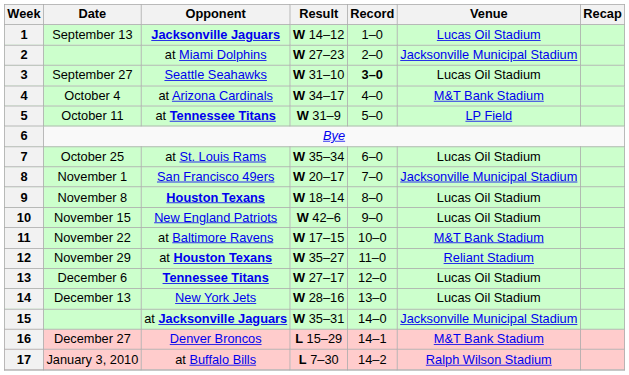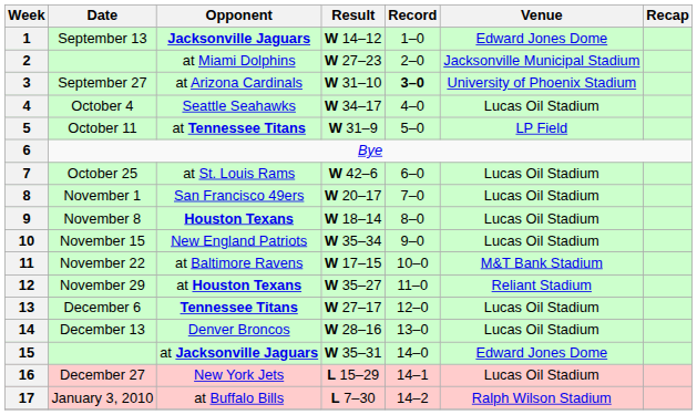 <table class="wikitable" style="text-align:center">
 <tr>
 <th>Week</th>
 <th>Date</th>
 <th>Opponent</th>
 <th>Result</th>
 <th>Record</th>
 <th>Venue</th>
 <th>Recap</th>
 </tr>
 <tr style="background:#cfc;">
 <th style="text-align:center;">1</th>
 <td style="text-align:center;">September 13</td>
 <td style="text-align:center;"><strong><a href='#'>Jacksonville Jaguars</a></strong></td>
 <td style="text-align:center;"><strong>W</strong> 14–12</td>
 <td style="text-align:center;">1–0</td>
-<td style="text-align:center;"><a href='#'>Lucas Oil Stadium</a></td>
+<td style="text-align:center;"><a href='#'>Edward Jones Dome</a></td>
 <td style="text-align:center;"></td>
 </tr>
 <tr style="background:#cfc;">
 <th style="text-align:center;">2</th>
 <td style="text-align:center;"></td>
 <td style="text-align:center;">at <a href='#'>Miami Dolphins</a></td>
 <td style="text-align:center;"><strong>W</strong> 27–23</td>
 <td style="text-align:center;">2–0</td>
 <td style="text-align:center;"><a href='#'>Jacksonville Municipal Stadium</a></td>
 <td style="text-align:center;"></td>
 </tr>
 <tr style="background:#cfc;">
 <th style="text-align:center;">3</th>
 <td style="text-align:center;">September 27</td>
-<td style="text-align:center;"><a href='#'>Seattle Seahawks</a></td>
+<td style="text-align:center;">at <a href='#'>Arizona Cardinals</a></td>
 <td style="text-align:center;"><strong>W</strong> 31–10</td>
 <td style="text-align:center;"><strong>3–0</strong></td>
-<td style="text-align:center;">Lucas Oil Stadium</td>
+<td style="text-align:center;"><a href='#'>University of Phoenix Stadium</a></td>
 <td style="text-align:center;"></td>
 </tr>
 <tr style="background:#cfc;">
 <th style="text-align:center;">4</th>
 <td style="text-align:center;">October 4</td>
-<td style="text-align:center;">at <a href='#'>Arizona Cardinals</a></td>
+<td style="text-align:center;"><a href='#'>Seattle Seahawks</a></td>
 <td style="text-align:center;"><strong>W</strong> 34–17</td>
 <td style="text-align:center;">4–0</td>
-<td style="text-align:center;"><a href='#'>M&T Bank Stadium</a></td>
+<td style="text-align:center;">Lucas Oil Stadium</td>
 <td style="text-align:center;"></td>
 </tr>
 <tr style="background:#cfc;">
 <th style="text-align:center;">5</th>
 <td style="text-align:center;">October 11</td>
 <td style="text-align:center;">at <strong><a href='#'>Tennessee Titans</a></strong></td>
 <td style="text-align:center;"><strong>W</strong> 31–9</td>
 <td style="text-align:center;">5–0</td>
 <td style="text-align:center;"><a href='#'>LP Field</a></td>
 <td style="text-align:center;"></td>
 </tr>
 <tr>
 <th style="text-align:center;">6</th>
 <td colspan="9" style="text-align:center;"><em><a href='#'>Bye</a></em></td>
 </tr>
 <tr style="background:#cfc;">
 <th style="text-align:center;">7</th>
 <td style="text-align:center;">October 25</td>
 <td style="text-align:center;">at <a href='#'>St. Louis Rams</a></td>
-<td style="text-align:center;"><strong>W</strong> 35–34</td>
+<td style="text-align:center;"><strong>W</strong> 42–6</td>
 <td style="text-align:center;">6–0</td>
 <td style="text-align:center;">Lucas Oil Stadium</td>
 <td style="text-align:center;"></td>
 </tr>
 <tr style="background:#cfc;">
 <th style="text-align:center;">8</th>
 <td style="text-align:center;">November 1</td>
 <td style="text-align:center;"><a href='#'>San Francisco 49ers</a></td>
 <td style="text-align:center;"><strong>W</strong> 20–17</td>
 <td style="text-align:center;">7–0</td>
-<td style="text-align:center;"><a href='#'>Jacksonville Municipal Stadium</a></td>
+<td style="text-align:center;">Lucas Oil Stadium</td>
 <td style="text-align:center;"></td>
 </tr>
 <tr style="background:#cfc;">
 <th style="text-align:center;">9</th>
 <td style="text-align:center;">November 8</td>
 <td style="text-align:center;"><strong><a href='#'>Houston Texans</a></strong></td>
 <td style="text-align:center;"><strong>W</strong> 18–14</td>
 <td style="text-align:center;">8–0</td>
 <td style="text-align:center;">Lucas Oil Stadium</td>
 <td style="text-align:center;"></td>
 </tr>
 <tr style="background:#cfc;">
 <th style="text-align:center;">10</th>
 <td style="text-align:center;">November 15</td>
 <td style="text-align:center;"><a href='#'>New England Patriots</a></td>
-<td style="text-align:center;"><strong>W</strong> 42–6</td>
+<td style="text-align:center;"><strong>W</strong> 35–34</td>
 <td style="text-align:center;">9–0</td>
 <td style="text-align:center;">Lucas Oil Stadium</td>
 <td style="text-align:center;"></td>
 </tr>
 <tr style="background:#cfc;">
 <th style="text-align:center;">11</th>
 <td style="text-align:center;">November 22</td>
 <td style="text-align:center;">at <a href='#'>Baltimore Ravens</a></td>
 <td style="text-align:center;"><strong>W</strong> 17–15</td>
 <td style="text-align:center;">10–0</td>
 <td style="text-align:center;"><a href='#'>M&T Bank Stadium</a></td>
 <td style="text-align:center;"></td>
 </tr>
 <tr style="background:#cfc;">
 <th style="text-align:center;">12</th>
 <td style="text-align:center;">November 29</td>
 <td style="text-align:center;">at <strong><a href='#'>Houston Texans</a></strong></td>
 <td style="text-align:center;"><strong>W</strong> 35–27</td>
 <td style="text-align:center;">11–0</td>
 <td style="text-align:center;"><a href='#'>Reliant Stadium</a></td>
 <td style="text-align:center;"></td>
 </tr>
 <tr style="background:#cfc;">
 <th style="text-align:center;">13</th>
 <td style="text-align:center;">December 6</td>
 <td style="text-align:center;"><strong><a href='#'>Tennessee Titans</a></strong></td>
 <td style="text-align:center;"><strong>W</strong> 27–17</td>
 <td style="text-align:center;">12–0</td>
 <td style="text-align:center;">Lucas Oil Stadium</td>
 <td style="text-align:center;"></td>
 </tr>
 <tr style="background:#cfc;">
 <th style="text-align:center;">14</th>
 <td style="text-align:center;">December 13</td>
-<td style="text-align:center;"><a href='#'>New York Jets</a></td>
+<td style="text-align:center;"><a href='#'>Denver Broncos</a></td>
 <td style="text-align:center;"><strong>W</strong> 28–16</td>
 <td style="text-align:center;">13–0</td>
 <td style="text-align:center;">Lucas Oil Stadium</td>
 <td style="text-align:center;"></td>
 </tr>
 <tr style="background:#cfc;">
 <th style="text-align:center;">15</th>
 <td style="text-align:center;"></td>
 <td style="text-align:center;">at <strong><a href='#'>Jacksonville Jaguars</a></strong></td>
 <td style="text-align:center;"><strong>W</strong> 35–31</td>
 <td style="text-align:center;">14–0</td>
-<td style="text-align:center;"><a href='#'>Jacksonville Municipal Stadium</a></td>
+<td style="text-align:center;"><a href='#'>Edward Jones Dome</a></td>
 <td style="text-align:center;"></td>
 </tr>
 <tr style="background:#fcc;">
 <th style="text-align:center;">16</th>
 <td style="text-align:center;">December 27</td>
-<td style="text-align:center;"><a href='#'>Denver Broncos</a></td>
+<td style="text-align:center;"><a href='#'>New York Jets</a></td>
 <td style="text-align:center;"><strong>L</strong> 15–29</td>
 <td style="text-align:center;">14–1</td>
-<td style="text-align:center;"><a href='#'>M&T Bank Stadium</a></td>
+<td style="text-align:center;">Lucas Oil Stadium</td>
 <td style="text-align:center;"></td>
 </tr>
 <tr style="background:#fcc;">
 <th style="text-align:center;">17</th>
 <td style="text-align:center;">January 3, 2010</td>
 <td style="text-align:center;">at <a href='#'>Buffalo Bills</a></td>
 <td style="text-align:center;"><strong>L</strong> 7–30</td>
 <td style="text-align:center;">14–2</td>
 <td style="text-align:center;"><a href='#'>Ralph Wilson Stadium</a></td>
 <td style="text-align:center;"></td>
 </tr>
 <tr>
 </tr>
 </table>
